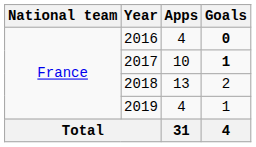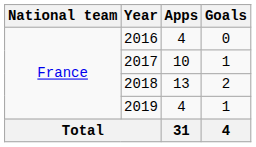 <table class="wikitable" style="text-align: center;">
 <tr>
 <th>National team</th>
 <th>Year</th>
 <th>Apps</th>
 <th>Goals</th>
 </tr>
 <tr>
 <td rowspan="4"><a href='#'>France</a></td>
 <td>2016</td>
 <td>4</td>
-<td><strong>0</strong></td>
+<td>0</td>
 </tr>
 <tr>
 <td>2017</td>
 <td>10</td>
-<td><strong>1</strong></td>
+<td>1</td>
 </tr>
 <tr>
 <td>2018</td>
 <td>13</td>
 <td>2</td>
 </tr>
 <tr>
 <td>2019</td>
 <td>4</td>
 <td>1</td>
 </tr>
 <tr>
 <th colspan="2">Total</th>
 <th>31</th>
 <th>4</th>
 </tr>
 </table>
